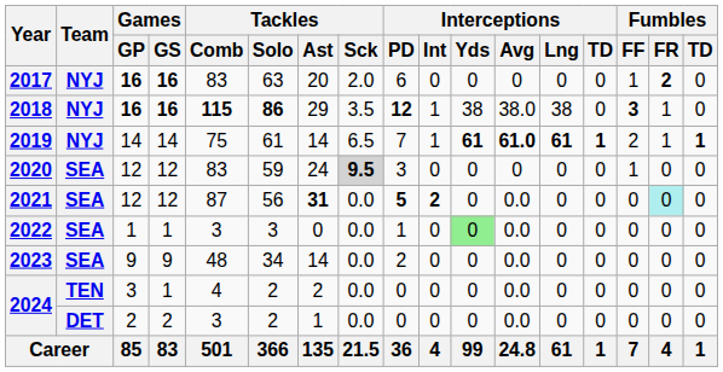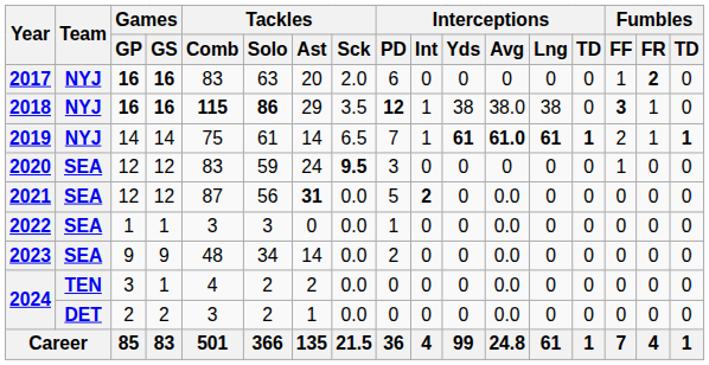 <table class="wikitable" style="text-align:center;">
 <tr>
 <th rowspan="2">Year</th>
 <th rowspan="2">Team</th>
 <th colspan="2">Games</th>
 <th colspan="4">Tackles</th>
 <th colspan="6">Interceptions</th>
 <th colspan="3">Fumbles</th>
 </tr>
 <tr>
 <th>GP</th>
 <th>GS</th>
 <th>Comb</th>
 <th>Solo</th>
 <th>Ast</th>
 <th>Sck</th>
 <th>PD</th>
 <th>Int</th>
 <th>Yds</th>
 <th>Avg</th>
 <th>Lng</th>
 <th>TD</th>
 <th>FF</th>
 <th>FR</th>
 <th>TD</th>
 </tr>
 <tr>
 <th><a href='#'>2017</a></th>
 <th><a href='#'>NYJ</a></th>
 <td><strong>16</strong></td>
 <td><strong>16</strong></td>
 <td>83</td>
 <td>63</td>
 <td>20</td>
 <td>2.0</td>
 <td>6</td>
 <td>0</td>
 <td>0</td>
 <td>0</td>
 <td>0</td>
 <td>0</td>
 <td>1</td>
 <td><strong>2</strong></td>
 <td>0</td>
 </tr>
 <tr>
 <th><a href='#'>2018</a></th>
 <th><a href='#'>NYJ</a></th>
 <td><strong>16</strong></td>
 <td><strong>16</strong></td>
 <td><strong>115</strong></td>
 <td><strong>86</strong></td>
 <td>29</td>
 <td>3.5</td>
 <td><strong>12</strong></td>
 <td>1</td>
 <td>38</td>
 <td>38.0</td>
 <td>38</td>
 <td>0</td>
 <td><strong>3</strong></td>
 <td>1</td>
 <td>0</td>
 </tr>
 <tr>
 <th><a href='#'>2019</a></th>
 <th><a href='#'>NYJ</a></th>
 <td>14</td>
 <td>14</td>
 <td>75</td>
 <td>61</td>
 <td>14</td>
 <td>6.5</td>
 <td>7</td>
 <td>1</td>
 <td><strong>61</strong></td>
 <td><strong>61.0</strong></td>
 <td><strong>61</strong></td>
 <td><strong>1</strong></td>
 <td>2</td>
 <td>1</td>
 <td><strong>1</strong></td>
 </tr>
 <tr>
 <th><a href='#'>2020</a></th>
 <th><a href='#'>SEA</a></th>
 <td>12</td>
 <td>12</td>
 <td>83</td>
 <td>59</td>
 <td>24</td>
-<td style="background: lightgrey;"><strong>9.5</strong></td>
+<td><strong>9.5</strong></td>
 <td>3</td>
 <td>0</td>
 <td>0</td>
 <td>0</td>
 <td>0</td>
 <td>0</td>
 <td>1</td>
 <td>0</td>
 <td>0</td>
 </tr>
 <tr>
 <th><a href='#'>2021</a></th>
 <th><a href='#'>SEA</a></th>
 <td>12</td>
 <td>12</td>
 <td>87</td>
 <td>56</td>
 <td><strong>31</strong></td>
 <td>0.0</td>
-<td><strong>5</strong></td>
+<td>5</td>
 <td><strong>2</strong></td>
 <td>0</td>
 <td>0.0</td>
 <td>0</td>
 <td>0</td>
 <td>0</td>
-<td style="background: paleturquoise;">0</td>
+<td>0</td>
 <td>0</td>
 </tr>
 <tr>
 <th><a href='#'>2022</a></th>
 <th><a href='#'>SEA</a></th>
 <td>1</td>
 <td>1</td>
 <td>3</td>
 <td>3</td>
 <td>0</td>
 <td>0.0</td>
 <td>1</td>
 <td>0</td>
-<td style="background: lightgreen;">0</td>
+<td>0</td>
 <td>0.0</td>
 <td>0</td>
 <td>0</td>
 <td>0</td>
 <td>0</td>
 <td>0</td>
 </tr>
 <tr>
 <th><a href='#'>2023</a></th>
 <th><a href='#'>SEA</a></th>
 <td>9</td>
 <td>9</td>
 <td>48</td>
 <td>34</td>
 <td>14</td>
 <td>0.0</td>
 <td>2</td>
 <td>0</td>
 <td>0</td>
 <td>0.0</td>
 <td>0</td>
 <td>0</td>
 <td>0</td>
 <td>0</td>
 <td>0</td>
 </tr>
 <tr>
 <th rowspan="2"><a href='#'>2024</a></th>
 <th><a href='#'>TEN</a></th>
 <td>3</td>
 <td>1</td>
 <td>4</td>
 <td>2</td>
 <td>2</td>
 <td>0.0</td>
 <td>0</td>
 <td>0</td>
 <td>0</td>
 <td>0.0</td>
 <td>0</td>
 <td>0</td>
 <td>0</td>
 <td>0</td>
 <td>0</td>
 </tr>
 <tr>
 <th><a href='#'>DET</a></th>
 <td>2</td>
 <td>2</td>
 <td>3</td>
 <td>2</td>
 <td>1</td>
 <td>0.0</td>
 <td>0</td>
 <td>0</td>
 <td>0</td>
 <td>0.0</td>
 <td>0</td>
 <td>0</td>
 <td>0</td>
 <td>0</td>
 <td>0</td>
 </tr>
 <tr>
 <th colspan="2">Career</th>
 <th>85</th>
 <th>83</th>
 <th>501</th>
 <th>366</th>
 <th>135</th>
 <th>21.5</th>
 <th>36</th>
 <th>4</th>
 <th>99</th>
 <th>24.8</th>
 <th>61</th>
 <th>1</th>
 <th>7</th>
 <th>4</th>
 <th>1</th>
 </tr>
 </table>
